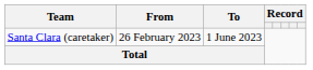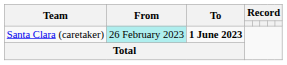 <table class="wikitable" style="text-align: center">
 <tr>
 <th rowspan=2>Team</th>
 <th rowspan=2>From</th>
 <th rowspan=2>To</th>
 <th colspan=8>Record</th>
 </tr>
 <tr>
 <th></th>
 <th></th>
 <th></th>
 <th></th>
 <th></th>
 </tr>
 <tr>
 <td align=left><a href='#'>Santa Clara</a> (caretaker)</td>
-<td align=left>26 February 2023</td>
-<td align=left>1 June 2023<br></td>
+<td align=left style="background: paleturquoise;">26 February 2023</td>
+<td align=left><strong>1 June 2023<br></strong></td>
 </tr>
 <tr>
 <th colspan="3">Total<br></th>
 </tr>
 </table>
